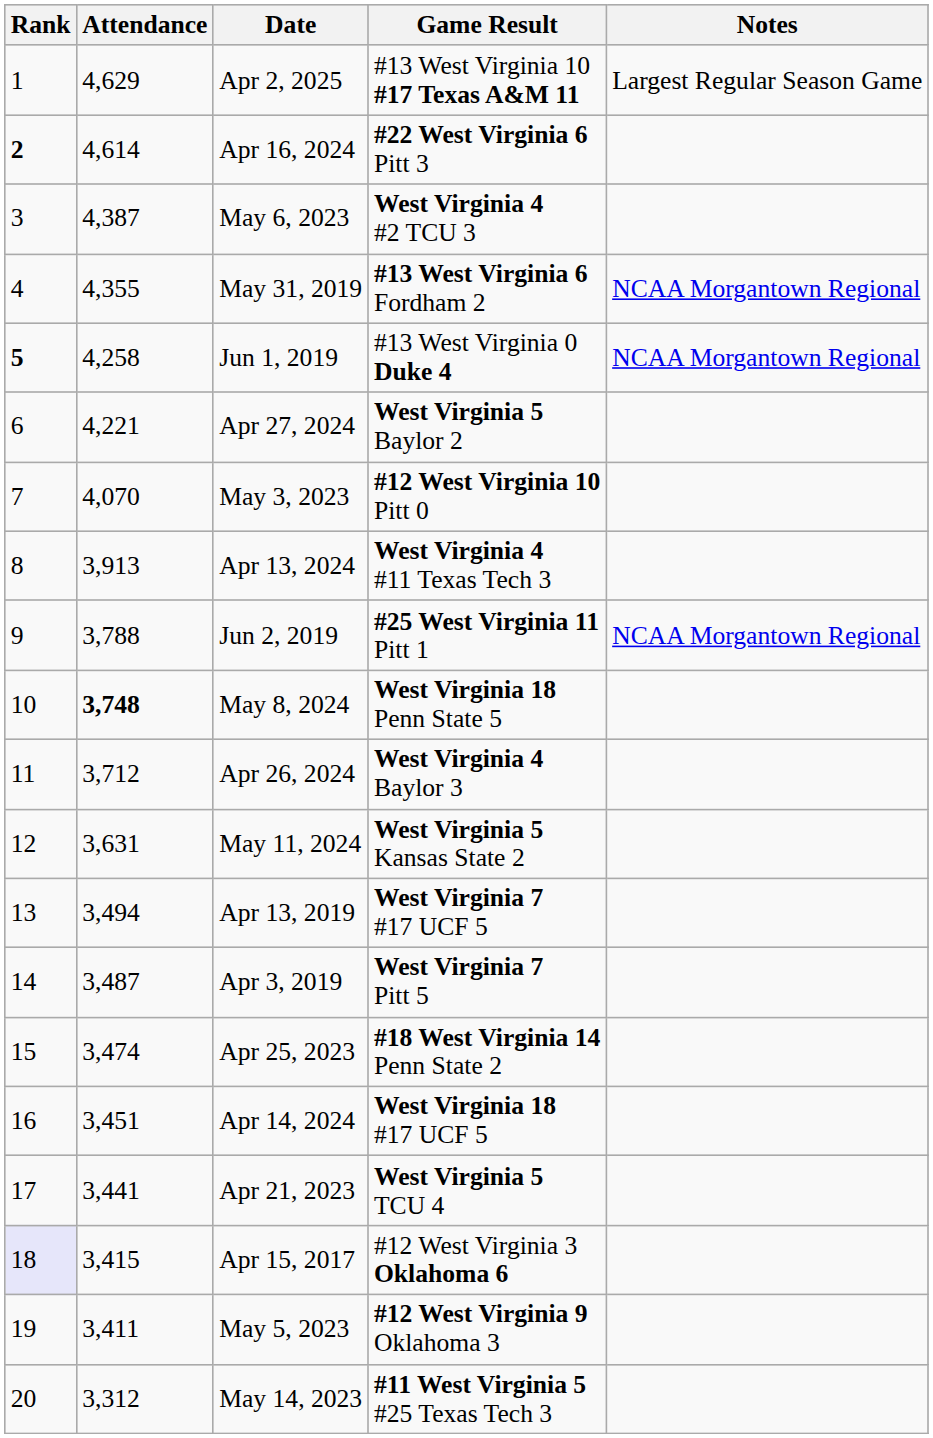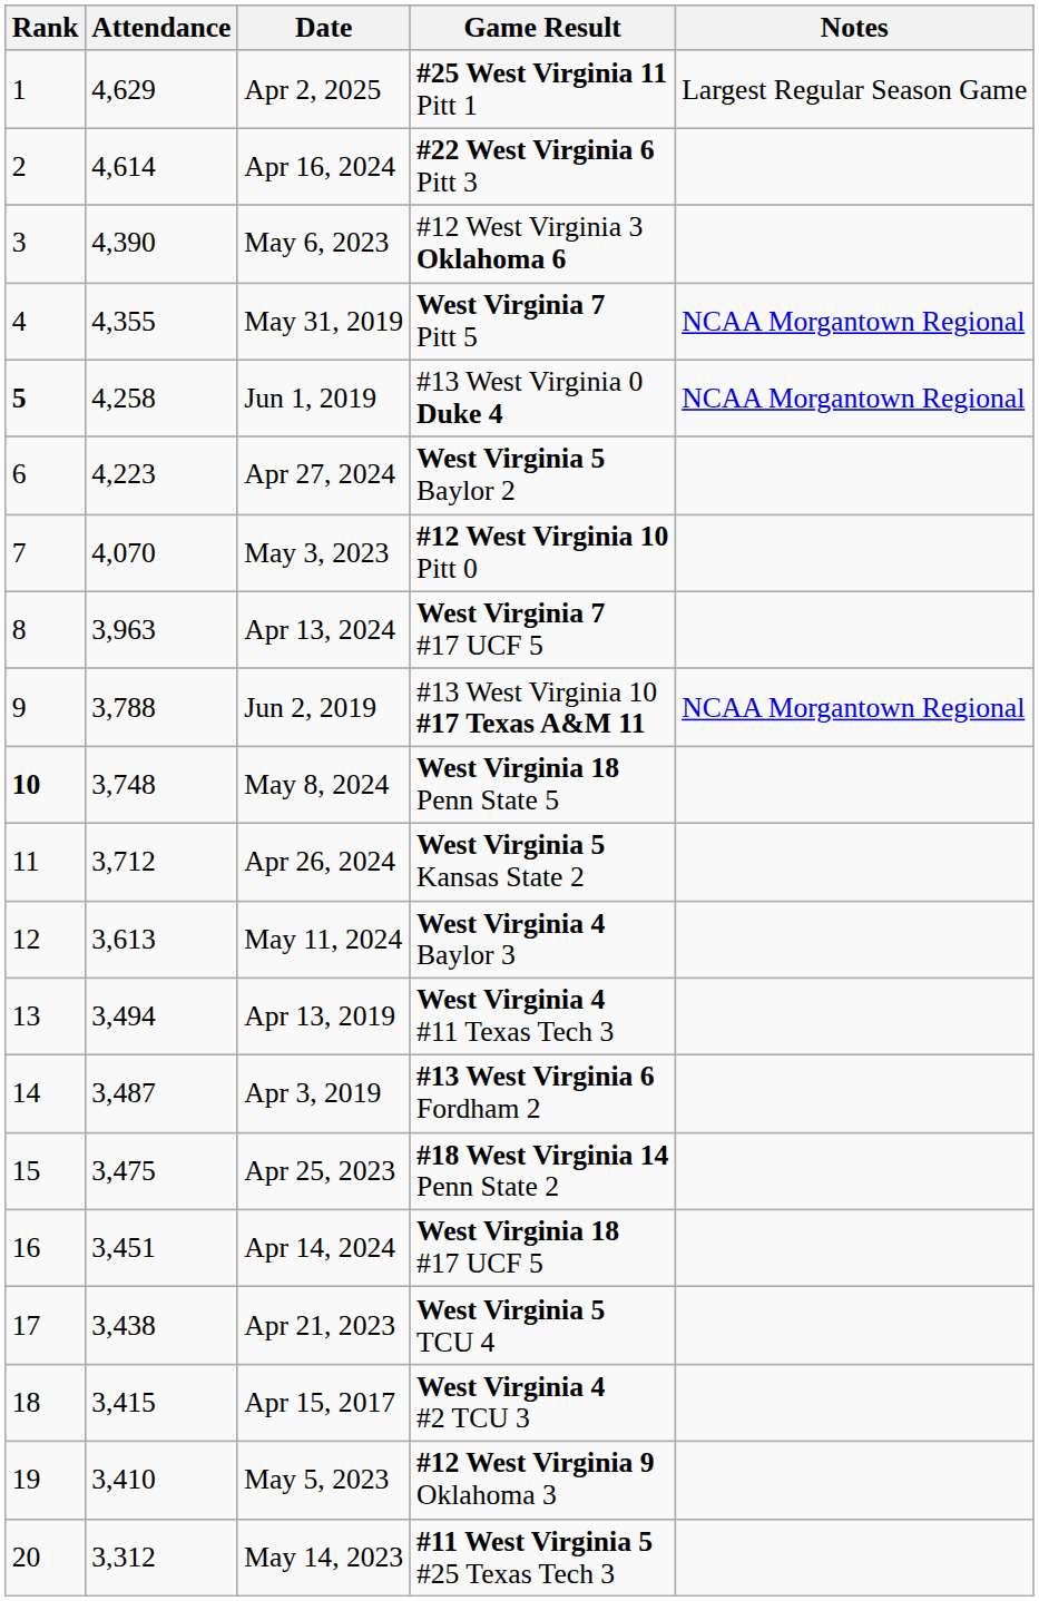 <table class="wikitable">
 <tr>
 <th>Rank</th>
 <th>Attendance</th>
 <th>Date</th>
 <th>Game Result</th>
 <th>Notes</th>
 </tr>
 <tr>
 <td>1</td>
 <td>4,629</td>
 <td>Apr 2, 2025</td>
-<td>#13 West Virginia 10 <strong><br>#17 Texas A&M 11</strong></td>
+<td><strong>#25 West Virginia 11</strong> <br>Pitt 1</td>
 <td>Largest Regular Season Game</td>
 </tr>
 <tr>
-<td><strong>2</strong></td>
+<td>2</td>
 <td>4,614</td>
 <td>Apr 16, 2024</td>
 <td><strong>#22 West Virginia 6</strong> <br>Pitt 3</td>
 <td></td>
 </tr>
 <tr>
 <td>3</td>
-<td>4,387</td>
+<td>4,390</td>
 <td>May 6, 2023</td>
-<td><strong>West Virginia 4</strong> <br>#2 TCU 3</td>
+<td>#12 West Virginia 3 <strong><br>Oklahoma 6</strong></td>
 <td></td>
 </tr>
 <tr>
 <td>4</td>
 <td>4,355</td>
 <td>May 31, 2019</td>
-<td><strong>#13 West Virginia 6</strong> <br>Fordham 2</td>
+<td><strong>West Virginia 7</strong> <br>Pitt 5</td>
 <td><a href='#'>NCAA Morgantown Regional</a></td>
 </tr>
 <tr>
 <td><strong>5</strong></td>
 <td>4,258</td>
 <td>Jun 1, 2019</td>
 <td>#13 West Virginia 0 <br><strong>Duke 4</strong></td>
 <td><a href='#'>NCAA Morgantown Regional</a></td>
 </tr>
 <tr>
 <td>6</td>
-<td>4,221</td>
+<td>4,223</td>
 <td>Apr 27, 2024</td>
 <td><strong>West Virginia 5</strong> <br>Baylor 2</td>
 <td></td>
 </tr>
 <tr>
 <td>7</td>
 <td>4,070</td>
 <td>May 3, 2023</td>
 <td><strong>#12 West Virginia 10</strong><br> Pitt 0</td>
 <td></td>
 </tr>
 <tr>
 <td>8</td>
-<td>3,913</td>
+<td>3,963</td>
 <td>Apr 13, 2024</td>
-<td><strong>West Virginia 4</strong> <br>#11 Texas Tech 3</td>
+<td><strong>West Virginia 7</strong> <br>#17 UCF 5</td>
 <td></td>
 </tr>
 <tr>
 <td>9</td>
 <td>3,788</td>
 <td>Jun 2, 2019</td>
-<td><strong>#25 West Virginia 11</strong> <br>Pitt 1</td>
+<td>#13 West Virginia 10 <strong><br>#17 Texas A&M 11</strong></td>
 <td><a href='#'>NCAA Morgantown Regional</a></td>
 </tr>
 <tr>
-<td>10</td>
-<td><strong>3,748</strong></td>
+<td><strong>10</strong></td>
+<td>3,748</td>
 <td>May 8, 2024</td>
 <td><strong>West Virginia 18</strong> <br>Penn State 5</td>
 <td></td>
 </tr>
 <tr>
 <td>11</td>
 <td>3,712</td>
 <td>Apr 26, 2024</td>
-<td><strong>West Virginia 4</strong> <br>Baylor 3</td>
+<td><strong>West Virginia 5</strong> <br>Kansas State 2</td>
 <td></td>
 </tr>
 <tr>
 <td>12</td>
-<td>3,631</td>
+<td>3,613</td>
 <td>May 11, 2024</td>
-<td><strong>West Virginia 5</strong> <br>Kansas State 2</td>
+<td><strong>West Virginia 4</strong> <br>Baylor 3</td>
 <td></td>
 </tr>
 <tr>
 <td>13</td>
 <td>3,494</td>
 <td>Apr 13, 2019</td>
-<td><strong>West Virginia 7</strong> <br>#17 UCF 5</td>
+<td><strong>West Virginia 4</strong> <br>#11 Texas Tech 3</td>
 <td></td>
 </tr>
 <tr>
 <td>14</td>
 <td>3,487</td>
 <td>Apr 3, 2019</td>
-<td><strong>West Virginia 7</strong> <br>Pitt 5</td>
+<td><strong>#13 West Virginia 6</strong> <br>Fordham 2</td>
 <td></td>
 </tr>
 <tr>
 <td>15</td>
-<td>3,474</td>
+<td>3,475</td>
 <td>Apr 25, 2023</td>
 <td><strong>#18 West Virginia 14</strong> <br>Penn State 2</td>
 <td></td>
 </tr>
 <tr>
 <td>16</td>
 <td>3,451</td>
 <td>Apr 14, 2024</td>
 <td><strong>West Virginia 18</strong> <br>#17 UCF 5</td>
 <td></td>
 </tr>
 <tr>
 <td>17</td>
-<td>3,441</td>
+<td>3,438</td>
 <td>Apr 21, 2023</td>
 <td><strong>West Virginia 5</strong> <br>TCU 4</td>
 <td></td>
 </tr>
 <tr>
-<td style="background: lavender;">18</td>
+<td>18</td>
 <td>3,415</td>
 <td>Apr 15, 2017</td>
-<td>#12 West Virginia 3 <strong><br>Oklahoma 6</strong></td>
+<td><strong>West Virginia 4</strong> <br>#2 TCU 3</td>
 <td></td>
 </tr>
 <tr>
 <td>19</td>
-<td>3,411</td>
+<td>3,410</td>
 <td>May 5, 2023</td>
 <td><strong>#12 West Virginia 9</strong> <br>Oklahoma 3</td>
 <td></td>
 </tr>
 <tr>
 <td>20</td>
 <td>3,312</td>
 <td>May 14, 2023</td>
 <td><strong>#11 West Virginia 5</strong> <br> #25 Texas Tech 3</td>
 <td></td>
 </tr>
 <tr>
 </tr>
 </table>
